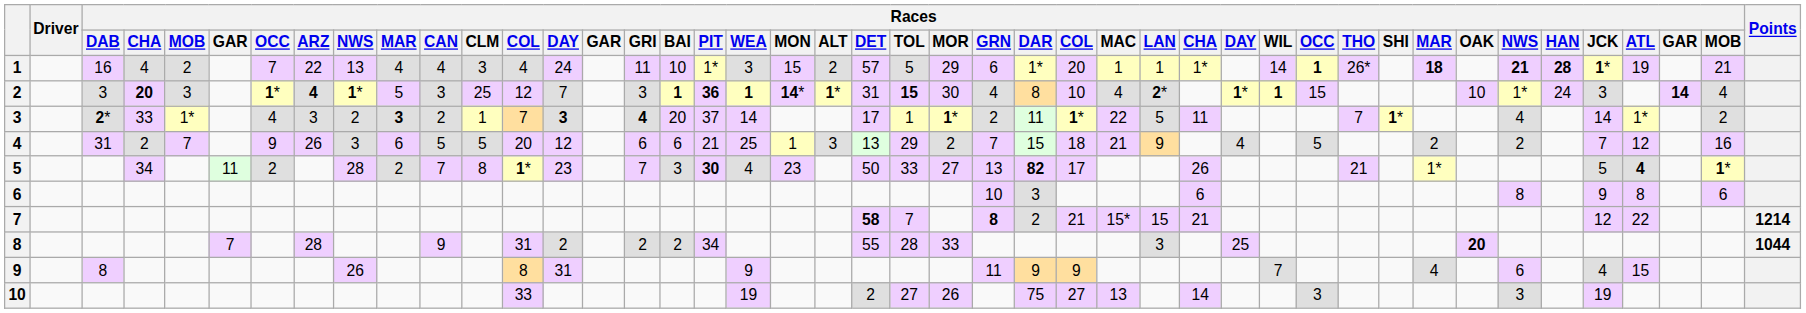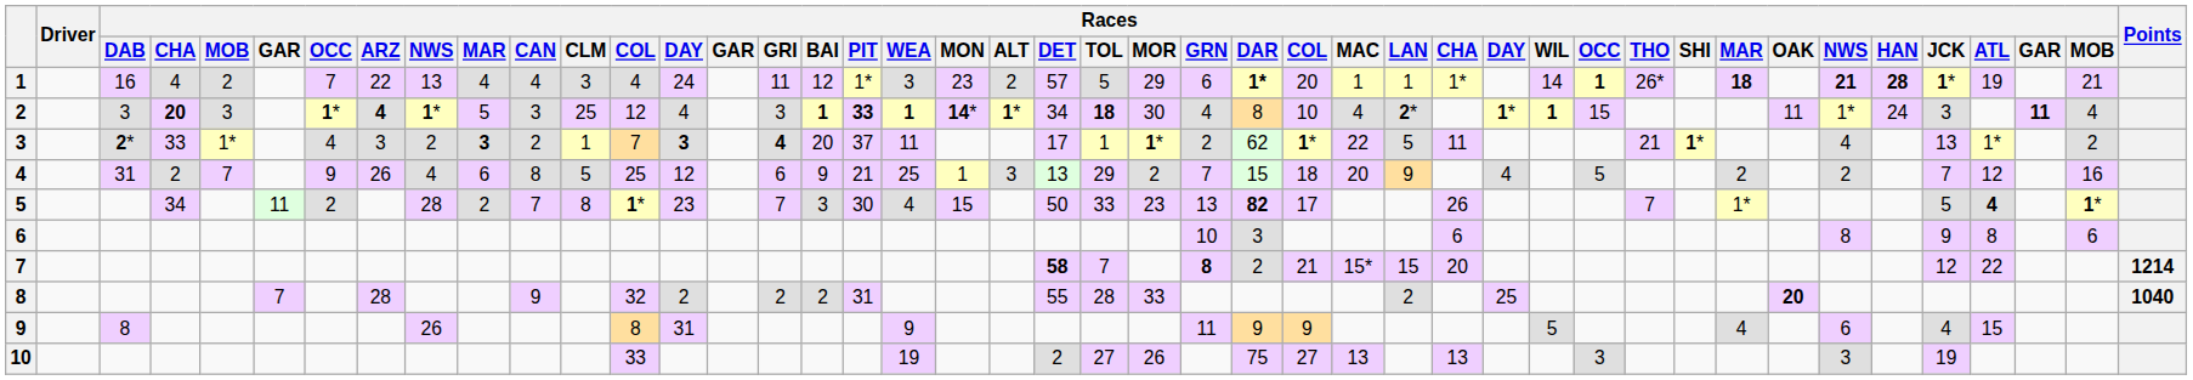 <table class="wikitable" style="font-size:77%; text-align:center;">
 <tr valign="top">
 <th valign="middle" rowspan="2"></th>
 <th valign="middle" rowspan="2">Driver</th>
 <th valign="middle" colspan="41">Races</th>
 <th valign="middle" rowspan="2"><a href='#'>Points</a></th>
 </tr>
 <tr>
 <th><a href='#'>DAB</a></th>
 <th><a href='#'>CHA</a></th>
 <th><a href='#'>MOB</a></th>
 <th>GAR</th>
 <th><a href='#'>OCC</a></th>
 <th><a href='#'>ARZ</a></th>
 <th><a href='#'>NWS</a></th>
 <th><a href='#'>MAR</a></th>
 <th><a href='#'>CAN</a></th>
 <th>CLM</th>
 <th><a href='#'>COL</a></th>
 <th><a href='#'>DAY</a></th>
 <th>GAR</th>
 <th>GRI</th>
 <th>BAI</th>
 <th><a href='#'>PIT</a></th>
 <th><a href='#'>WEA</a></th>
 <th>MON</th>
 <th>ALT</th>
 <th><a href='#'>DET</a></th>
 <th>TOL</th>
 <th>MOR</th>
 <th><a href='#'>GRN</a></th>
 <th><a href='#'>DAR</a></th>
 <th><a href='#'>COL</a></th>
 <th>MAC</th>
 <th><a href='#'>LAN</a></th>
 <th><a href='#'>CHA</a></th>
 <th><a href='#'>DAY</a></th>
 <th>WIL</th>
 <th><a href='#'>OCC</a></th>
 <th><a href='#'>THO</a></th>
 <th>SHI</th>
 <th><a href='#'>MAR</a></th>
 <th>OAK</th>
 <th><a href='#'>NWS</a></th>
 <th><a href='#'>HAN</a></th>
 <th>JCK</th>
 <th><a href='#'>ATL</a></th>
 <th>GAR</th>
 <th>MOB</th>
 </tr>
 <tr>
 <th>1</th>
 <td align="left"></td>
 <td style="background:#EFCFFF;">16</td>
 <td style="background:#DFDFDF;">4</td>
 <td style="background:#DFDFDF;">2</td>
 <td></td>
 <td style="background:#EFCFFF;">7</td>
 <td style="background:#EFCFFF;">22</td>
 <td style="background:#EFCFFF;">13</td>
 <td style="background:#DFDFDF;">4</td>
 <td style="background:#DFDFDF;">4</td>
 <td style="background:#DFDFDF;">3</td>
 <td style="background:#DFDFDF;">4</td>
 <td style="background:#EFCFFF;">24</td>
 <td></td>
 <td style="background:#EFCFFF;">11</td>
-<td style="background:#EFCFFF;">10</td>
+<td style="background:#EFCFFF;">12</td>
 <td style="background:#FFFFBF;">1*</td>
 <td style="background:#DFDFDF;">3</td>
-<td style="background:#EFCFFF;">15</td>
+<td style="background:#EFCFFF;">23</td>
 <td style="background:#DFDFDF;">2</td>
 <td style="background:#EFCFFF;">57</td>
 <td style="background:#DFDFDF;">5</td>
 <td style="background:#EFCFFF;">29</td>
 <td style="background:#EFCFFF;">6</td>
-<td style="background:#FFFFBF;">1*</td>
+<td style="background:#FFFFBF;"><strong>1*</strong></td>
 <td style="background:#EFCFFF;">20</td>
 <td style="background:#FFFFBF;">1</td>
 <td style="background:#FFFFBF;">1</td>
 <td style="background:#FFFFBF;">1*</td>
 <td></td>
 <td style="background:#EFCFFF;">14</td>
 <td style="background:#FFFFBF;"><strong>1</strong></td>
 <td style="background:#EFCFFF;">26*</td>
 <td></td>
 <td style="background:#EFCFFF;"><strong>18</strong></td>
 <td></td>
 <td style="background:#EFCFFF;"><strong>21</strong></td>
 <td style="background:#EFCFFF;"><strong>28</strong></td>
 <td style="background:#FFFFBF;"><strong>1</strong>*</td>
 <td style="background:#EFCFFF;">19</td>
 <td></td>
 <td style="background:#EFCFFF;">21</td>
 <th></th>
 </tr>
 <tr>
 <th>2</th>
 <td align="left"></td>
 <td style="background:#DFDFDF;">3</td>
 <td style="background:#EFCFFF;"><strong>20</strong></td>
 <td style="background:#DFDFDF;">3</td>
 <td></td>
 <td style="background:#FFFFBF;"><strong>1</strong>*</td>
 <td style="background:#DFDFDF;"><strong>4</strong></td>
 <td style="background:#FFFFBF;"><strong>1</strong>*</td>
 <td style="background:#EFCFFF;">5</td>
 <td style="background:#DFDFDF;">3</td>
 <td style="background:#EFCFFF;">25</td>
 <td style="background:#EFCFFF;">12</td>
-<td style="background:#DFDFDF;">7</td>
+<td style="background:#DFDFDF;">4</td>
 <td></td>
 <td style="background:#DFDFDF;">3</td>
 <td style="background:#FFFFBF;"><strong>1</strong></td>
-<td style="background:#EFCFFF;"><strong>36</strong></td>
+<td style="background:#EFCFFF;"><strong>33</strong></td>
 <td style="background:#FFFFBF;"><strong>1</strong></td>
 <td style="background:#EFCFFF;"><strong>14</strong>*</td>
 <td style="background:#FFFFBF;"><strong>1</strong>*</td>
-<td style="background:#EFCFFF;">31</td>
-<td style="background:#EFCFFF;"><strong>15</strong></td>
+<td style="background:#EFCFFF;">34</td>
+<td style="background:#EFCFFF;"><strong>18</strong></td>
 <td style="background:#EFCFFF;">30</td>
 <td style="background:#DFDFDF;">4</td>
 <td style="background:#FFDF9F;">8</td>
 <td style="background:#EFCFFF;">10</td>
 <td style="background:#DFDFDF;">4</td>
 <td style="background:#DFDFDF;"><strong>2</strong>*</td>
 <td></td>
 <td style="background:#FFFFBF;"><strong>1</strong>*</td>
 <td style="background:#FFFFBF;"><strong>1</strong></td>
 <td style="background:#EFCFFF;">15</td>
 <td></td>
 <td></td>
 <td></td>
-<td style="background:#EFCFFF;">10</td>
+<td style="background:#EFCFFF;">11</td>
 <td style="background:#FFFFBF;">1*</td>
 <td style="background:#EFCFFF;">24</td>
 <td style="background:#DFDFDF;">3</td>
 <td></td>
-<td style="background:#EFCFFF;"><strong>14</strong></td>
+<td style="background:#EFCFFF;"><strong>11</strong></td>
 <td style="background:#DFDFDF;">4</td>
 <th></th>
 </tr>
 <tr>
 <th>3</th>
 <td align="left"></td>
 <td style="background:#DFDFDF;"><strong>2</strong>*</td>
 <td style="background:#EFCFFF;">33</td>
 <td style="background:#FFFFBF;">1*</td>
 <td></td>
 <td style="background:#DFDFDF;">4</td>
 <td style="background:#DFDFDF;">3</td>
 <td style="background:#DFDFDF;">2</td>
 <td style="background:#DFDFDF;"><strong>3</strong></td>
 <td style="background:#DFDFDF;">2</td>
 <td style="background:#FFFFBF;">1</td>
 <td style="background:#FFDF9F;">7</td>
 <td style="background:#DFDFDF;"><strong>3</strong></td>
 <td></td>
 <td style="background:#DFDFDF;"><strong>4</strong></td>
 <td style="background:#EFCFFF;">20</td>
 <td style="background:#EFCFFF;">37</td>
-<td style="background:#EFCFFF;">14</td>
+<td style="background:#EFCFFF;">11</td>
 <td></td>
 <td></td>
 <td style="background:#EFCFFF;">17</td>
 <td style="background:#FFFFBF;">1</td>
 <td style="background:#FFFFBF;"><strong>1</strong>*</td>
 <td style="background:#DFDFDF;">2</td>
-<td style="background:#DFFFDF;">11</td>
+<td style="background:#DFFFDF;">62</td>
 <td style="background:#FFFFBF;"><strong>1</strong>*</td>
 <td style="background:#EFCFFF;">22</td>
 <td style="background:#DFDFDF;">5</td>
 <td style="background:#EFCFFF;">11</td>
 <td></td>
 <td></td>
 <td></td>
-<td style="background:#EFCFFF;">7</td>
+<td style="background:#EFCFFF;">21</td>
 <td style="background:#FFFFBF;"><strong>1</strong>*</td>
 <td></td>
 <td></td>
 <td style="background:#DFDFDF;">4</td>
 <td></td>
-<td style="background:#EFCFFF;">14</td>
+<td style="background:#EFCFFF;">13</td>
 <td style="background:#FFFFBF;">1*</td>
 <td></td>
 <td style="background:#DFDFDF;">2</td>
 <th></th>
 </tr>
 <tr>
 <th>4</th>
 <td align="left"></td>
 <td style="background:#EFCFFF;">31</td>
 <td style="background:#DFDFDF;">2</td>
 <td style="background:#EFCFFF;">7</td>
 <td></td>
 <td style="background:#EFCFFF;">9</td>
 <td style="background:#EFCFFF;">26</td>
-<td style="background:#DFDFDF;">3</td>
+<td style="background:#DFDFDF;">4</td>
 <td style="background:#EFCFFF;">6</td>
+<td style="background:#DFDFDF;">8</td>
 <td style="background:#DFDFDF;">5</td>
-<td style="background:#DFDFDF;">5</td>
-<td style="background:#EFCFFF;">20</td>
+<td style="background:#EFCFFF;">25</td>
 <td style="background:#EFCFFF;">12</td>
 <td></td>
 <td style="background:#EFCFFF;">6</td>
-<td style="background:#EFCFFF;">6</td>
+<td style="background:#EFCFFF;">9</td>
 <td style="background:#EFCFFF;">21</td>
 <td style="background:#EFCFFF;">25</td>
 <td style="background:#FFFFBF;">1</td>
 <td style="background:#DFDFDF;">3</td>
 <td style="background:#DFFFDF;">13</td>
 <td style="background:#EFCFFF;">29</td>
 <td style="background:#DFDFDF;">2</td>
 <td style="background:#EFCFFF;">7</td>
 <td style="background:#DFFFDF;">15</td>
 <td style="background:#EFCFFF;">18</td>
-<td style="background:#EFCFFF;">21</td>
+<td style="background:#EFCFFF;">20</td>
 <td style="background:#FFDF9F;">9</td>
 <td></td>
 <td style="background:#DFDFDF;">4</td>
 <td></td>
 <td style="background:#DFDFDF;">5</td>
 <td></td>
 <td></td>
 <td style="background:#DFDFDF;">2</td>
 <td></td>
 <td style="background:#DFDFDF;">2</td>
 <td></td>
 <td style="background:#EFCFFF;">7</td>
 <td style="background:#EFCFFF;">12</td>
 <td></td>
 <td style="background:#EFCFFF;">16</td>
 <th></th>
 </tr>
 <tr>
 <th>5</th>
 <td align="left"></td>
 <td></td>
 <td style="background:#EFCFFF;">34</td>
 <td></td>
 <td style="background:#DFFFDF;">11</td>
 <td style="background:#DFDFDF;">2</td>
 <td></td>
 <td style="background:#EFCFFF;">28</td>
 <td style="background:#DFDFDF;">2</td>
 <td style="background:#EFCFFF;">7</td>
 <td style="background:#EFCFFF;">8</td>
 <td style="background:#FFFFBF;"><strong>1</strong>*</td>
 <td style="background:#EFCFFF;">23</td>
 <td></td>
 <td style="background:#EFCFFF;">7</td>
 <td style="background:#DFDFDF;">3</td>
-<td style="background:#EFCFFF;"><strong>30</strong></td>
+<td style="background:#EFCFFF;">30</td>
 <td style="background:#DFDFDF;">4</td>
-<td style="background:#EFCFFF;">23</td>
+<td style="background:#EFCFFF;">15</td>
 <td></td>
 <td style="background:#EFCFFF;">50</td>
 <td style="background:#EFCFFF;">33</td>
-<td style="background:#EFCFFF;">27</td>
+<td style="background:#EFCFFF;">23</td>
 <td style="background:#EFCFFF;">13</td>
 <td style="background:#EFCFFF;"><strong>82</strong></td>
 <td style="background:#EFCFFF;">17</td>
 <td></td>
 <td></td>
 <td style="background:#EFCFFF;">26</td>
 <td></td>
 <td></td>
 <td></td>
-<td style="background:#EFCFFF;">21</td>
+<td style="background:#EFCFFF;">7</td>
 <td></td>
 <td style="background:#FFFFBF;">1*</td>
 <td></td>
 <td></td>
 <td></td>
 <td style="background:#DFDFDF;">5</td>
 <td style="background:#DFDFDF;"><strong>4</strong></td>
 <td></td>
 <td style="background:#FFFFBF;"><strong>1</strong>*</td>
 <th></th>
 </tr>
 <tr>
 <th>6</th>
 <td align="left"></td>
 <td></td>
 <td></td>
 <td></td>
 <td></td>
 <td></td>
 <td></td>
 <td></td>
 <td></td>
 <td></td>
 <td></td>
 <td></td>
 <td></td>
 <td></td>
 <td></td>
 <td></td>
 <td></td>
 <td></td>
 <td></td>
 <td></td>
 <td></td>
 <td></td>
 <td></td>
 <td style="background:#EFCFFF;">10</td>
 <td style="background:#DFDFDF;">3</td>
 <td></td>
 <td></td>
 <td></td>
 <td style="background:#EFCFFF;">6</td>
 <td></td>
 <td></td>
 <td></td>
 <td></td>
 <td></td>
 <td></td>
 <td></td>
 <td style="background:#EFCFFF;">8</td>
 <td></td>
 <td style="background:#EFCFFF;">9</td>
 <td style="background:#EFCFFF;">8</td>
 <td></td>
 <td style="background:#EFCFFF;">6</td>
 <th></th>
 </tr>
 <tr>
 <th>7</th>
 <td align="left"></td>
 <td></td>
 <td></td>
 <td></td>
 <td></td>
 <td></td>
 <td></td>
 <td></td>
 <td></td>
 <td></td>
 <td></td>
 <td></td>
 <td></td>
 <td></td>
 <td></td>
 <td></td>
 <td></td>
 <td></td>
 <td></td>
 <td></td>
 <td style="background:#EFCFFF;"><strong>58</strong></td>
 <td style="background:#EFCFFF;">7</td>
 <td></td>
 <td style="background:#EFCFFF;"><strong>8</strong></td>
 <td style="background:#DFDFDF;">2</td>
 <td style="background:#EFCFFF;">21</td>
 <td style="background:#EFCFFF;">15*</td>
 <td style="background:#EFCFFF;">15</td>
-<td style="background:#EFCFFF;">21</td>
+<td style="background:#EFCFFF;">20</td>
 <td></td>
 <td></td>
 <td></td>
 <td></td>
 <td></td>
 <td></td>
 <td></td>
 <td></td>
 <td></td>
 <td style="background:#EFCFFF;">12</td>
 <td style="background:#EFCFFF;">22</td>
 <td></td>
 <td></td>
 <th>1214</th>
 </tr>
 <tr>
 <th>8</th>
 <td align="left"></td>
 <td></td>
 <td></td>
 <td></td>
 <td style="background:#EFCFFF;">7</td>
 <td></td>
 <td style="background:#EFCFFF;">28</td>
 <td></td>
 <td></td>
 <td style="background:#EFCFFF;">9</td>
 <td></td>
-<td style="background:#EFCFFF;">31</td>
+<td style="background:#EFCFFF;">32</td>
 <td style="background:#DFDFDF;">2</td>
 <td></td>
 <td style="background:#DFDFDF;">2</td>
 <td style="background:#DFDFDF;">2</td>
-<td style="background:#EFCFFF;">34</td>
+<td style="background:#EFCFFF;">31</td>
 <td></td>
 <td></td>
 <td></td>
 <td style="background:#EFCFFF;">55</td>
 <td style="background:#EFCFFF;">28</td>
 <td style="background:#EFCFFF;">33</td>
 <td></td>
 <td></td>
 <td></td>
 <td></td>
-<td style="background:#DFDFDF;">3</td>
+<td style="background:#DFDFDF;">2</td>
 <td></td>
 <td style="background:#EFCFFF;">25</td>
 <td></td>
 <td></td>
 <td></td>
 <td></td>
 <td></td>
 <td style="background:#EFCFFF;"><strong>20</strong></td>
 <td></td>
 <td></td>
 <td></td>
 <td></td>
 <td></td>
 <td></td>
-<th>1044</th>
+<th>1040</th>
 </tr>
 <tr>
 <th>9</th>
 <td align="left"></td>
 <td style="background:#EFCFFF;">8</td>
 <td></td>
 <td></td>
 <td></td>
 <td></td>
 <td></td>
 <td style="background:#EFCFFF;">26</td>
 <td></td>
 <td></td>
 <td></td>
 <td style="background:#FFDF9F;">8</td>
 <td style="background:#EFCFFF;">31</td>
 <td></td>
 <td></td>
 <td></td>
 <td></td>
 <td style="background:#EFCFFF;">9</td>
 <td></td>
 <td></td>
 <td></td>
 <td></td>
 <td></td>
 <td style="background:#EFCFFF;">11</td>
 <td style="background:#FFDF9F;">9</td>
 <td style="background:#FFDF9F;">9</td>
 <td></td>
 <td></td>
 <td></td>
 <td></td>
-<td style="background:#DFDFDF;">7</td>
+<td style="background:#DFDFDF;">5</td>
 <td></td>
 <td></td>
 <td></td>
 <td style="background:#DFDFDF;">4</td>
 <td></td>
 <td style="background:#EFCFFF;">6</td>
 <td></td>
 <td style="background:#DFDFDF;">4</td>
 <td style="background:#EFCFFF;">15</td>
 <td></td>
 <td></td>
 <th></th>
 </tr>
 <tr>
 <th>10</th>
 <td align="left"></td>
 <td></td>
 <td></td>
 <td></td>
 <td></td>
 <td></td>
 <td></td>
 <td></td>
 <td></td>
 <td></td>
 <td></td>
 <td style="background:#EFCFFF;">33</td>
 <td></td>
 <td></td>
 <td></td>
 <td></td>
 <td></td>
 <td style="background:#EFCFFF;">19</td>
 <td></td>
 <td></td>
 <td style="background:#DFDFDF;">2</td>
 <td style="background:#EFCFFF;">27</td>
 <td style="background:#EFCFFF;">26</td>
 <td></td>
 <td style="background:#EFCFFF;">75</td>
 <td style="background:#EFCFFF;">27</td>
 <td style="background:#EFCFFF;">13</td>
 <td></td>
-<td style="background:#EFCFFF;">14</td>
+<td style="background:#EFCFFF;">13</td>
 <td></td>
 <td></td>
 <td style="background:#DFDFDF;">3</td>
 <td></td>
 <td></td>
 <td></td>
 <td></td>
 <td style="background:#DFDFDF;">3</td>
 <td></td>
 <td style="background:#EFCFFF;">19</td>
 <td></td>
 <td></td>
 <td></td>
 <th></th>
 </tr>
 </table>
